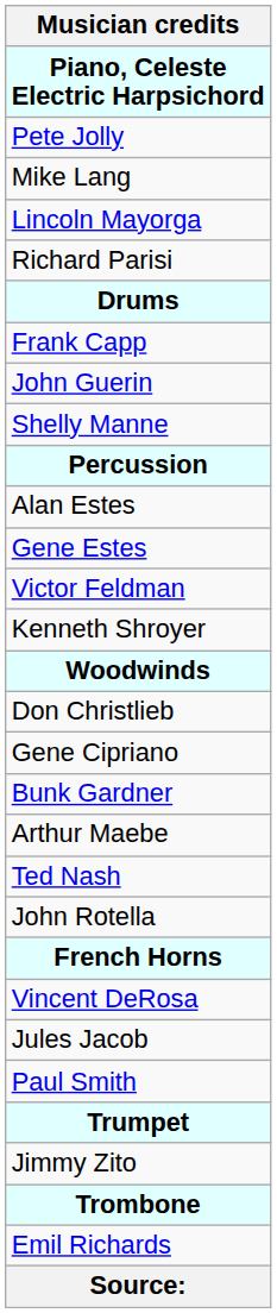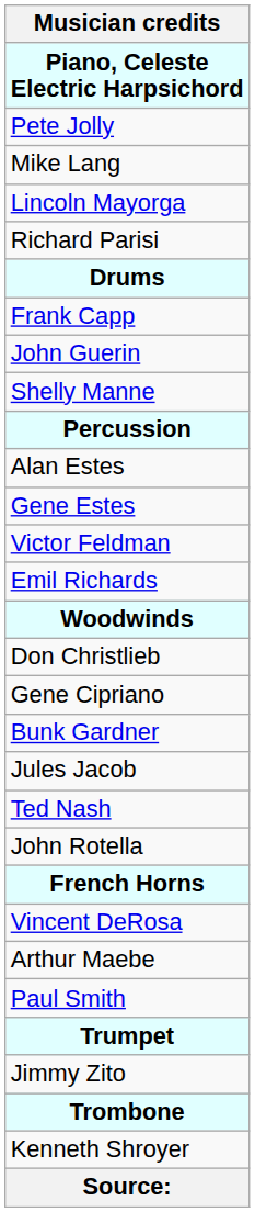 <table class="wikitable">
 <tr>
 <th>Musician credits</th>
 </tr>
 <tr>
 <th style="background-color: #E0FFFF">Piano, Celeste<br>Electric Harpsichord</th>
 </tr>
 <tr>
 <td><a href='#'>Pete Jolly</a></td>
 </tr>
 <tr>
 <td>Mike Lang</td>
 </tr>
 <tr>
 <td><a href='#'>Lincoln Mayorga</a></td>
 </tr>
 <tr>
 <td>Richard Parisi</td>
 </tr>
 <tr>
 <th style="background-color: #E0FFFF">Drums</th>
 </tr>
 <tr>
 <td><a href='#'>Frank Capp</a></td>
 </tr>
 <tr>
 <td><a href='#'>John Guerin</a></td>
 </tr>
 <tr>
 <td><a href='#'>Shelly Manne</a></td>
 </tr>
 <tr>
 <th style="background-color: #E0FFFF">Percussion</th>
 </tr>
 <tr>
 <td>Alan Estes</td>
 </tr>
 <tr>
 <td><a href='#'>Gene Estes</a></td>
 </tr>
 <tr>
 <td><a href='#'>Victor Feldman</a></td>
 </tr>
 <tr>
-<td>Kenneth Shroyer</td>
+<td><a href='#'>Emil Richards</a></td>
 </tr>
 <tr>
 <th style="background-color: #E0FFFF">Woodwinds</th>
 </tr>
 <tr>
 <td>Don Christlieb</td>
 </tr>
 <tr>
 <td>Gene Cipriano</td>
 </tr>
 <tr>
 <td><a href='#'>Bunk Gardner</a></td>
 </tr>
 <tr>
-<td>Arthur Maebe</td>
+<td>Jules Jacob</td>
 </tr>
 <tr>
 <td><a href='#'>Ted Nash</a></td>
 </tr>
 <tr>
 <td>John Rotella</td>
 </tr>
 <tr>
 <th style="background-color: #E0FFFF">French Horns</th>
 </tr>
 <tr>
 <td><a href='#'>Vincent DeRosa</a></td>
 </tr>
 <tr>
-<td>Jules Jacob</td>
+<td>Arthur Maebe</td>
 </tr>
 <tr>
 <td><a href='#'>Paul Smith</a></td>
 </tr>
 <tr>
 <th style="background-color: #E0FFFF">Trumpet</th>
 </tr>
 <tr>
 <td>Jimmy Zito</td>
 </tr>
 <tr>
 <th style="background-color: #E0FFFF">Trombone</th>
 </tr>
 <tr>
-<td><a href='#'>Emil Richards</a></td>
+<td>Kenneth Shroyer</td>
 </tr>
 <tr>
 <th>Source:</th>
 </tr>
 </table>
